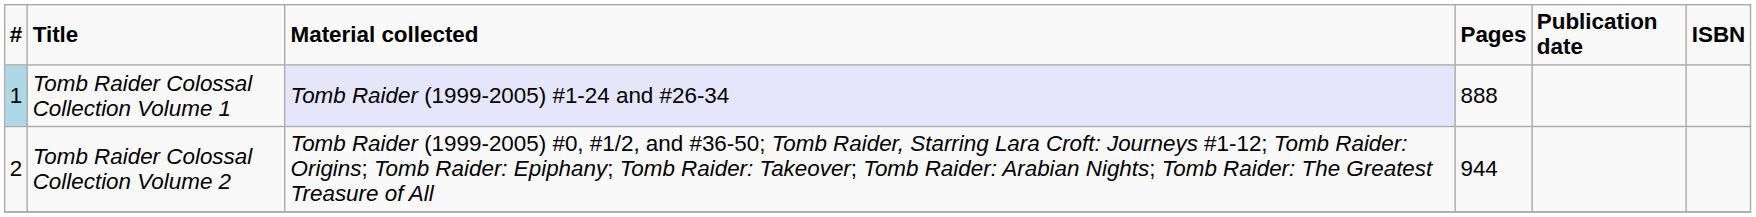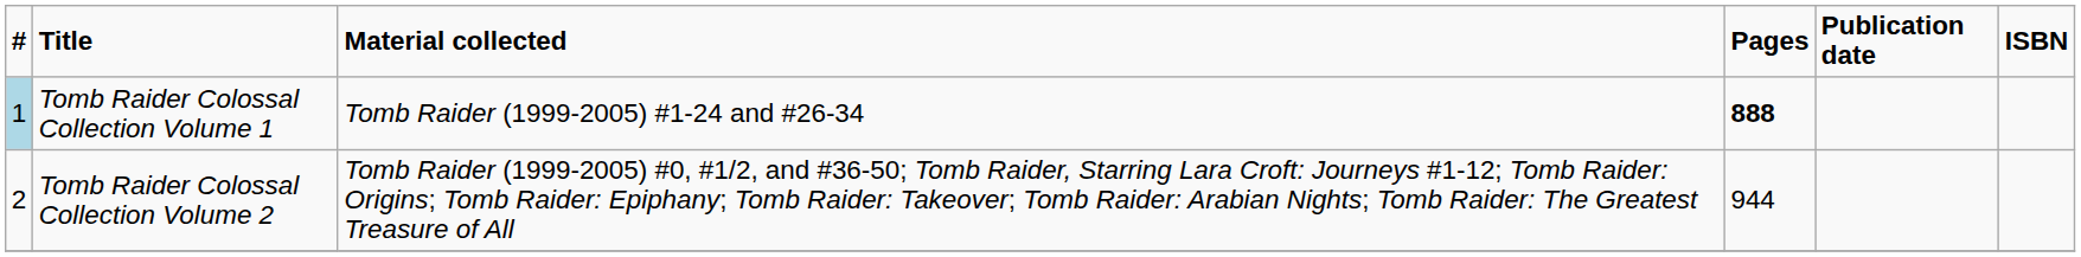 <table class="wikitable">
 <tr>
 <td><strong>#</strong></td>
 <td><strong>Title</strong></td>
 <td><strong>Material collected</strong></td>
 <td><strong>Pages</strong></td>
 <td><strong>Publication date</strong></td>
 <td><strong>ISBN</strong></td>
 </tr>
 <tr>
 <td style="background: lightblue;">1</td>
 <td><em>Tomb Raider Colossal Collection Volume 1</em></td>
-<td style="background: lavender;"><em>Tomb Raider</em> (1999-2005) #1-24 and #26-34</td>
-<td>888</td>
+<td><em>Tomb Raider</em> (1999-2005) #1-24 and #26-34</td>
+<td><strong>888</strong></td>
 <td></td>
 <td></td>
 </tr>
 <tr>
 <td>2</td>
 <td><em>Tomb Raider Colossal Collection Volume 2</em></td>
 <td><em>Tomb Raider</em> (1999-2005) #0, #1/2, and #36-50; <em>Tomb Raider, Starring Lara Croft: Journeys</em> #1-12; <em>Tomb Raider: Origins</em>; <em>Tomb Raider: Epiphany</em>; <em>Tomb Raider: Takeover</em>; <em>Tomb Raider: Arabian Nights</em>; <em>Tomb Raider: The Greatest Treasure of All</em></td>
 <td>944</td>
 <td></td>
 <td></td>
 </tr>
 <tr>
 </tr>
 </table>
